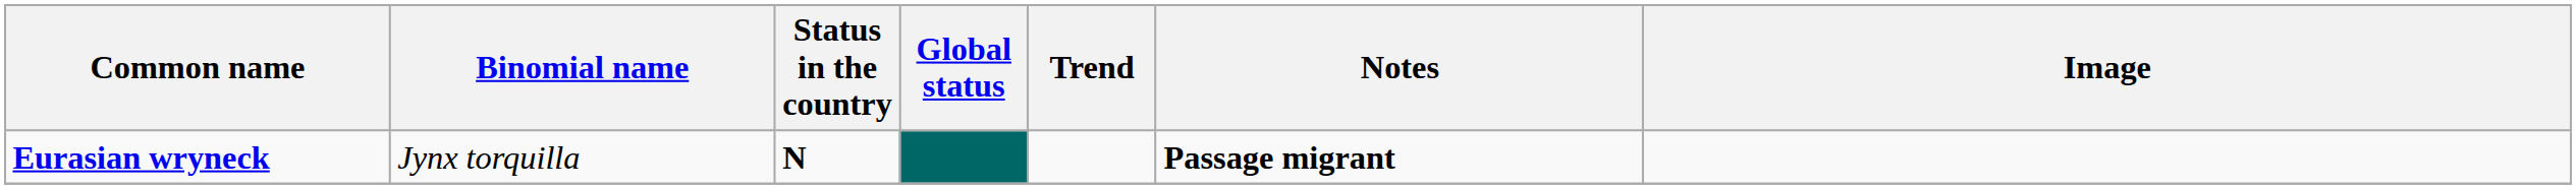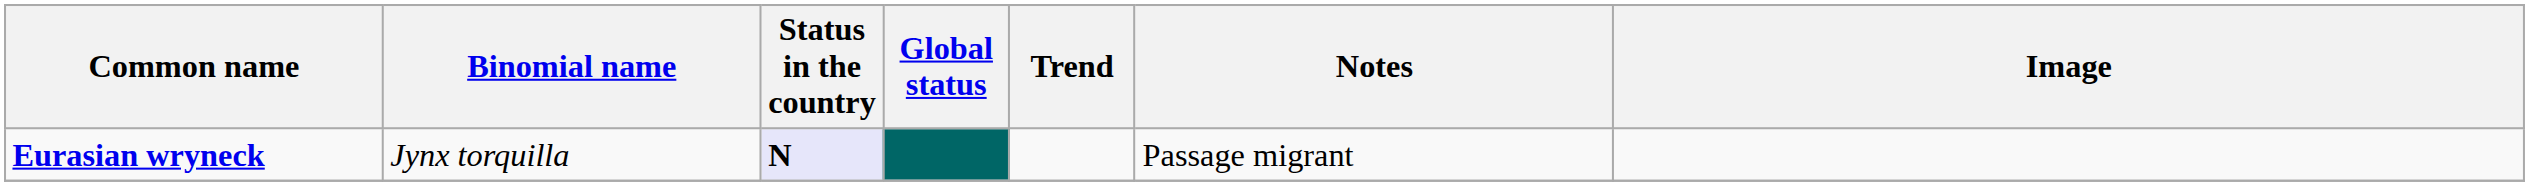 <table class="wikitable sortable">
 <tr>
 <th width="15%">Common name</th>
 <th width="15%"><a href='#'>Binomial name</a></th>
 <th data-sort-type="number" width="1%">Status in the country</th>
 <th width="5%"><a href='#'>Global status</a></th>
 <th width="5%">Trend</th>
 <th width="19%">Notes</th>
 <th class="unsortable">Image</th>
 </tr>
 <tr>
 <td><strong><a href='#'>Eurasian wryneck</a></strong></td>
 <td><em>Jynx torquilla</em></td>
-<td><strong>N</strong></td>
+<td style="background: lavender;"><strong>N</strong></td>
 <td align=center style="background: #006666"></td>
 <td align=center></td>
-<td><strong>Passage migrant</strong></td>
+<td>Passage migrant</td>
 <td></td>
 </tr>
 <tr>
 </tr>
 </table>
